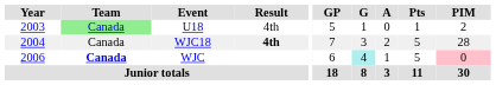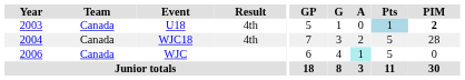 <table border="0" cellpadding="1" cellspacing="0" ID="Table3" style="text-align:center; width:40em">
 <tr ALIGN="center" bgcolor="#e0e0e0">
 <th>Year</th>
 <th>Team</th>
 <th>Event</th>
 <th>Result</th>
 <th rowspan="99" bgcolor="#ffffff"></th>
 <th>GP</th>
 <th>G</th>
 <th>A</th>
 <th>Pts</th>
 <th>PIM</th>
 </tr>
 <tr>
 <td><a href='#'>2003</a></td>
-<td style="background: lightgreen;"><a href='#'>Canada</a></td>
+<td><a href='#'>Canada</a></td>
 <td><a href='#'>U18</a></td>
 <td>4th</td>
 <td>5</td>
 <td>1</td>
 <td>0</td>
-<td>1</td>
-<td>2</td>
+<td style="background: lightblue;">1</td>
+<td><strong>2</strong></td>
 </tr>
 <tr bgcolor="#f0f0f0">
 <td><a href='#'>2004</a></td>
 <td>Canada</td>
 <td><a href='#'>WJC18</a></td>
-<td><strong>4th</strong></td>
+<td>4th</td>
 <td>7</td>
 <td>3</td>
 <td>2</td>
 <td>5</td>
 <td>28</td>
 </tr>
 <tr>
 <td><a href='#'>2006</a></td>
-<td><strong><a href='#'>Canada</a></strong></td>
+<td><a href='#'>Canada</a></td>
 <td><a href='#'>WJC</a></td>
 <td></td>
 <td>6</td>
-<td style="background: paleturquoise;">4</td>
-<td>1</td>
+<td>4</td>
+<td style="background: paleturquoise;">1</td>
 <td>5</td>
-<td style="background: pink;">0</td>
+<td>0</td>
 </tr>
 <tr bgcolor="#e0e0e0">
 <th colspan="4">Junior totals</th>
 <th>18</th>
 <th>8</th>
 <th>3</th>
 <th>11</th>
 <th>30</th>
 </tr>
 </table>
